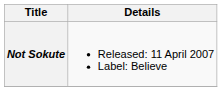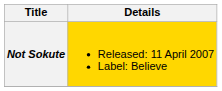 <table class="wikitable plainrowheaders">
 <tr>
 <th>Title</th>
 <th>Details</th>
 </tr>
 <tr>
 <th scope="row"><em>Not Sokute</em></th>
-<td scope="row"><br><ul><li>Released: 11 April 2007</li><li>Label: Believe</li></ul></td>
+<td scope="row" style="background: gold;"><br><ul><li>Released: 11 April 2007</li><li>Label: Believe</li></ul></td>
 </tr>
 <tr>
 </tr>
 </table>
